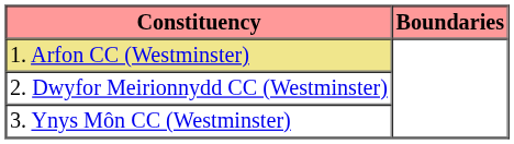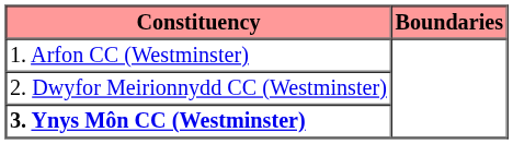 <table border=1 cellpadding="2" cellspacing="0">
 <tr>
 <th bgcolor="#ff9999">Constituency</th>
 <th bgcolor="#ff9999">Boundaries</th>
 </tr>
 <tr>
-<td style="background: khaki;">1. <a href='#'>Arfon CC (Westminster)</a></td>
+<td>1. <a href='#'>Arfon CC (Westminster)</a></td>
 <td rowspan=3></td>
 </tr>
 <tr>
 <td>2. <a href='#'>Dwyfor Meirionnydd CC (Westminster)</a></td>
 </tr>
 <tr>
-<td>3. <a href='#'>Ynys Môn CC (Westminster)</a></td>
+<td><strong>3. <a href='#'>Ynys Môn CC (Westminster)</a></strong></td>
 </tr>
 </table>
